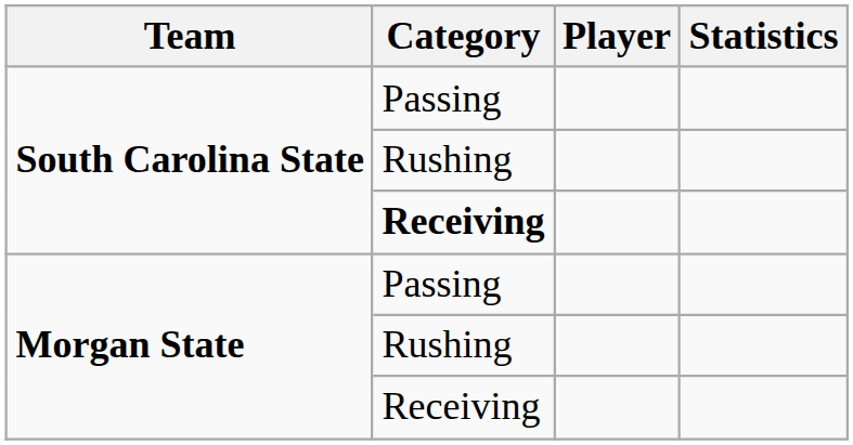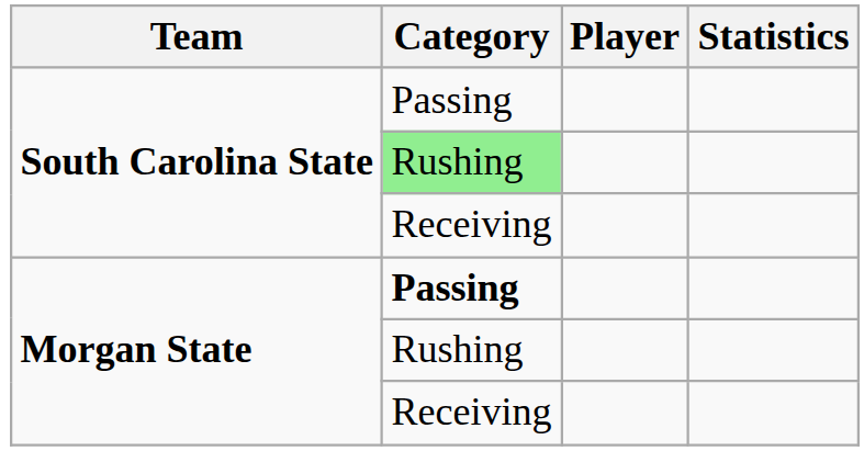 <table class="wikitable" style="float: right;">
 <tr>
 <th>Team</th>
 <th>Category</th>
 <th>Player</th>
 <th>Statistics</th>
 </tr>
 <tr>
 <td rowspan=3><strong>South Carolina State</strong></td>
 <td>Passing</td>
 <td></td>
 <td></td>
 </tr>
 <tr>
-<td>Rushing</td>
+<td style="background: lightgreen;">Rushing</td>
 <td></td>
 <td></td>
 </tr>
 <tr>
-<td><strong>Receiving</strong></td>
+<td>Receiving</td>
 <td></td>
 <td></td>
 </tr>
 <tr>
 <td rowspan=3><strong>Morgan State</strong></td>
-<td>Passing</td>
+<td><strong>Passing</strong></td>
 <td></td>
 <td></td>
 </tr>
 <tr>
 <td>Rushing</td>
 <td></td>
 <td></td>
 </tr>
 <tr>
 <td>Receiving</td>
 <td></td>
 <td></td>
 </tr>
 </table>
